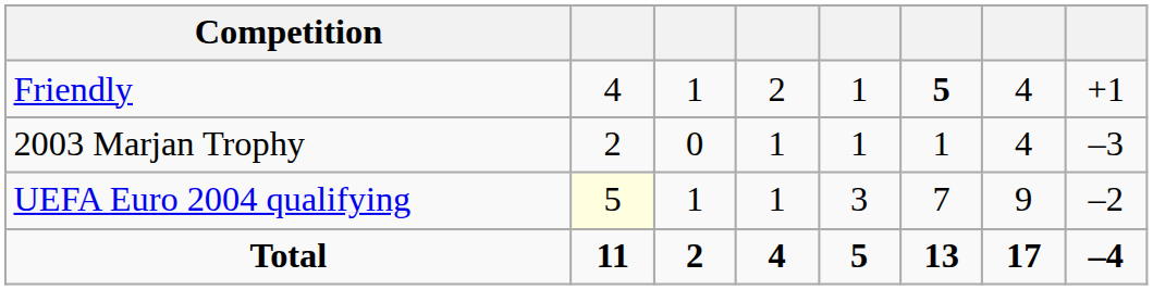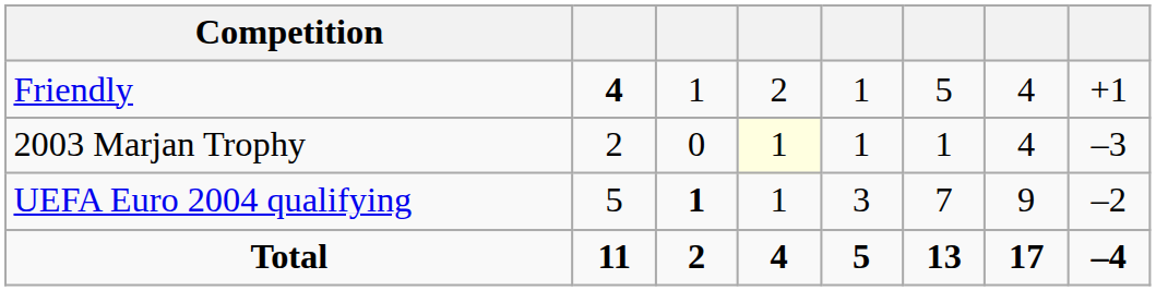 <table class="wikitable" style="text-align: center;">
 <tr>
 <th width=250>Competition</th>
 <th width=30></th>
 <th width=30></th>
 <th width=30></th>
 <th width=30></th>
 <th width=30></th>
 <th width=30></th>
 <th width=30></th>
 </tr>
 <tr>
 <td align=left><a href='#'>Friendly</a></td>
-<td>4</td>
+<td><strong>4</strong></td>
 <td>1</td>
 <td>2</td>
 <td>1</td>
-<td><strong>5</strong></td>
+<td>5</td>
 <td>4</td>
 <td>+1</td>
 </tr>
 <tr>
 <td align=left>2003 Marjan Trophy</td>
 <td>2</td>
 <td>0</td>
-<td>1</td>
+<td style="background: lightyellow;">1</td>
 <td>1</td>
 <td>1</td>
 <td>4</td>
 <td>–3</td>
 </tr>
 <tr>
 <td align=left><a href='#'>UEFA Euro 2004 qualifying</a></td>
-<td style="background: lightyellow;">5</td>
-<td>1</td>
+<td>5</td>
+<td><strong>1</strong></td>
 <td>1</td>
 <td>3</td>
 <td>7</td>
 <td>9</td>
 <td>–2</td>
 </tr>
 <tr>
 <td><strong>Total</strong></td>
 <td><strong>11</strong></td>
 <td><strong>2</strong></td>
 <td><strong>4</strong></td>
 <td><strong>5</strong></td>
 <td><strong>13</strong></td>
 <td><strong>17</strong></td>
 <td><strong>–4</strong></td>
 </tr>
 </table>
